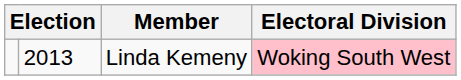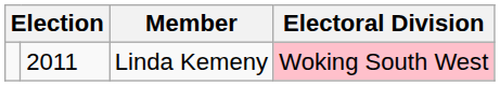 <table class="wikitable">
 <tr>
 <th colspan="2">Election</th>
 <th>Member</th>
 <th>Electoral Division</th>
 </tr>
 <tr>
 <td style="background-color: "></td>
-<td>2013</td>
+<td>2011</td>
 <td>Linda Kemeny</td>
 <td style="background: pink;">Woking South West</td>
 </tr>
 </table>
